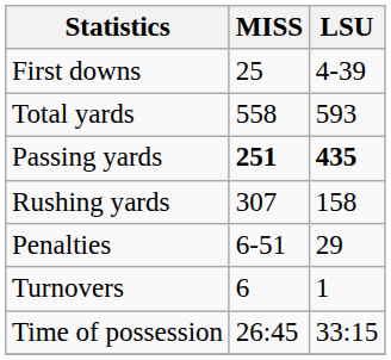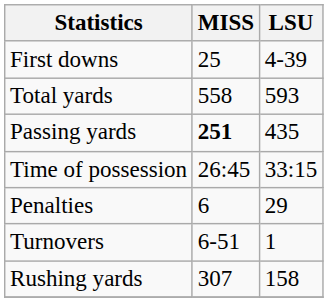 <table class="wikitable" style="float: left;">
 <tr>
 <th>Statistics</th>
 <th>MISS</th>
 <th>LSU</th>
 </tr>
 <tr>
 <td>First downs</td>
 <td>25</td>
 <td>4-39</td>
 </tr>
 <tr>
 <td>Total yards</td>
 <td>558</td>
 <td>593</td>
 </tr>
 <tr>
 <td>Passing yards</td>
 <td><strong>251</strong></td>
-<td><strong>435</strong></td>
+<td>435</td>
+</tr>
+<tr>
+<td>Time of possession</td>
+<td>26:45</td>
+<td>33:15</td>
+</tr>
+<tr>
+<td>Penalties</td>
+<td>6</td>
+<td>29</td>
+</tr>
+<tr>
+<td>Turnovers</td>
+<td>6-51</td>
+<td>1</td>
 </tr>
 <tr>
 <td>Rushing yards</td>
 <td>307</td>
 <td>158</td>
 </tr>
 <tr>
-<td>Penalties</td>
-<td>6-51</td>
-<td>29</td>
-</tr>
-<tr>
-<td>Turnovers</td>
-<td>6</td>
-<td>1</td>
-</tr>
-<tr>
-<td>Time of possession</td>
-<td>26:45</td>
-<td>33:15</td>
-</tr>
-<tr>
 </tr>
 </table>
